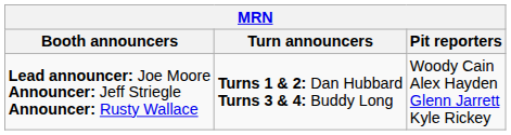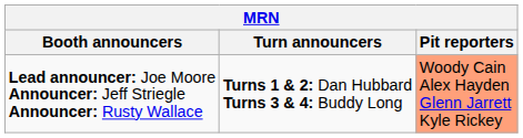 <table class="wikitable" style="font-size: 95%;">
 <tr>
 <th colspan="3"><a href='#'>MRN</a></th>
 </tr>
 <tr>
 <th>Booth announcers</th>
 <th>Turn announcers</th>
 <th>Pit reporters</th>
 </tr>
 <tr>
 <td><strong>Lead announcer:</strong> Joe Moore<br><strong>Announcer:</strong> Jeff Striegle<br><strong>Announcer:</strong> <a href='#'>Rusty Wallace</a></td>
 <td><strong>Turns 1 & 2:</strong> Dan Hubbard<br><strong>Turns 3 & 4:</strong> Buddy Long</td>
-<td>Woody Cain<br>Alex Hayden<br><a href='#'>Glenn Jarrett</a><br>Kyle Rickey</td>
+<td style="background: lightsalmon;">Woody Cain<br>Alex Hayden<br><a href='#'>Glenn Jarrett</a><br>Kyle Rickey</td>
 </tr>
 </table>
